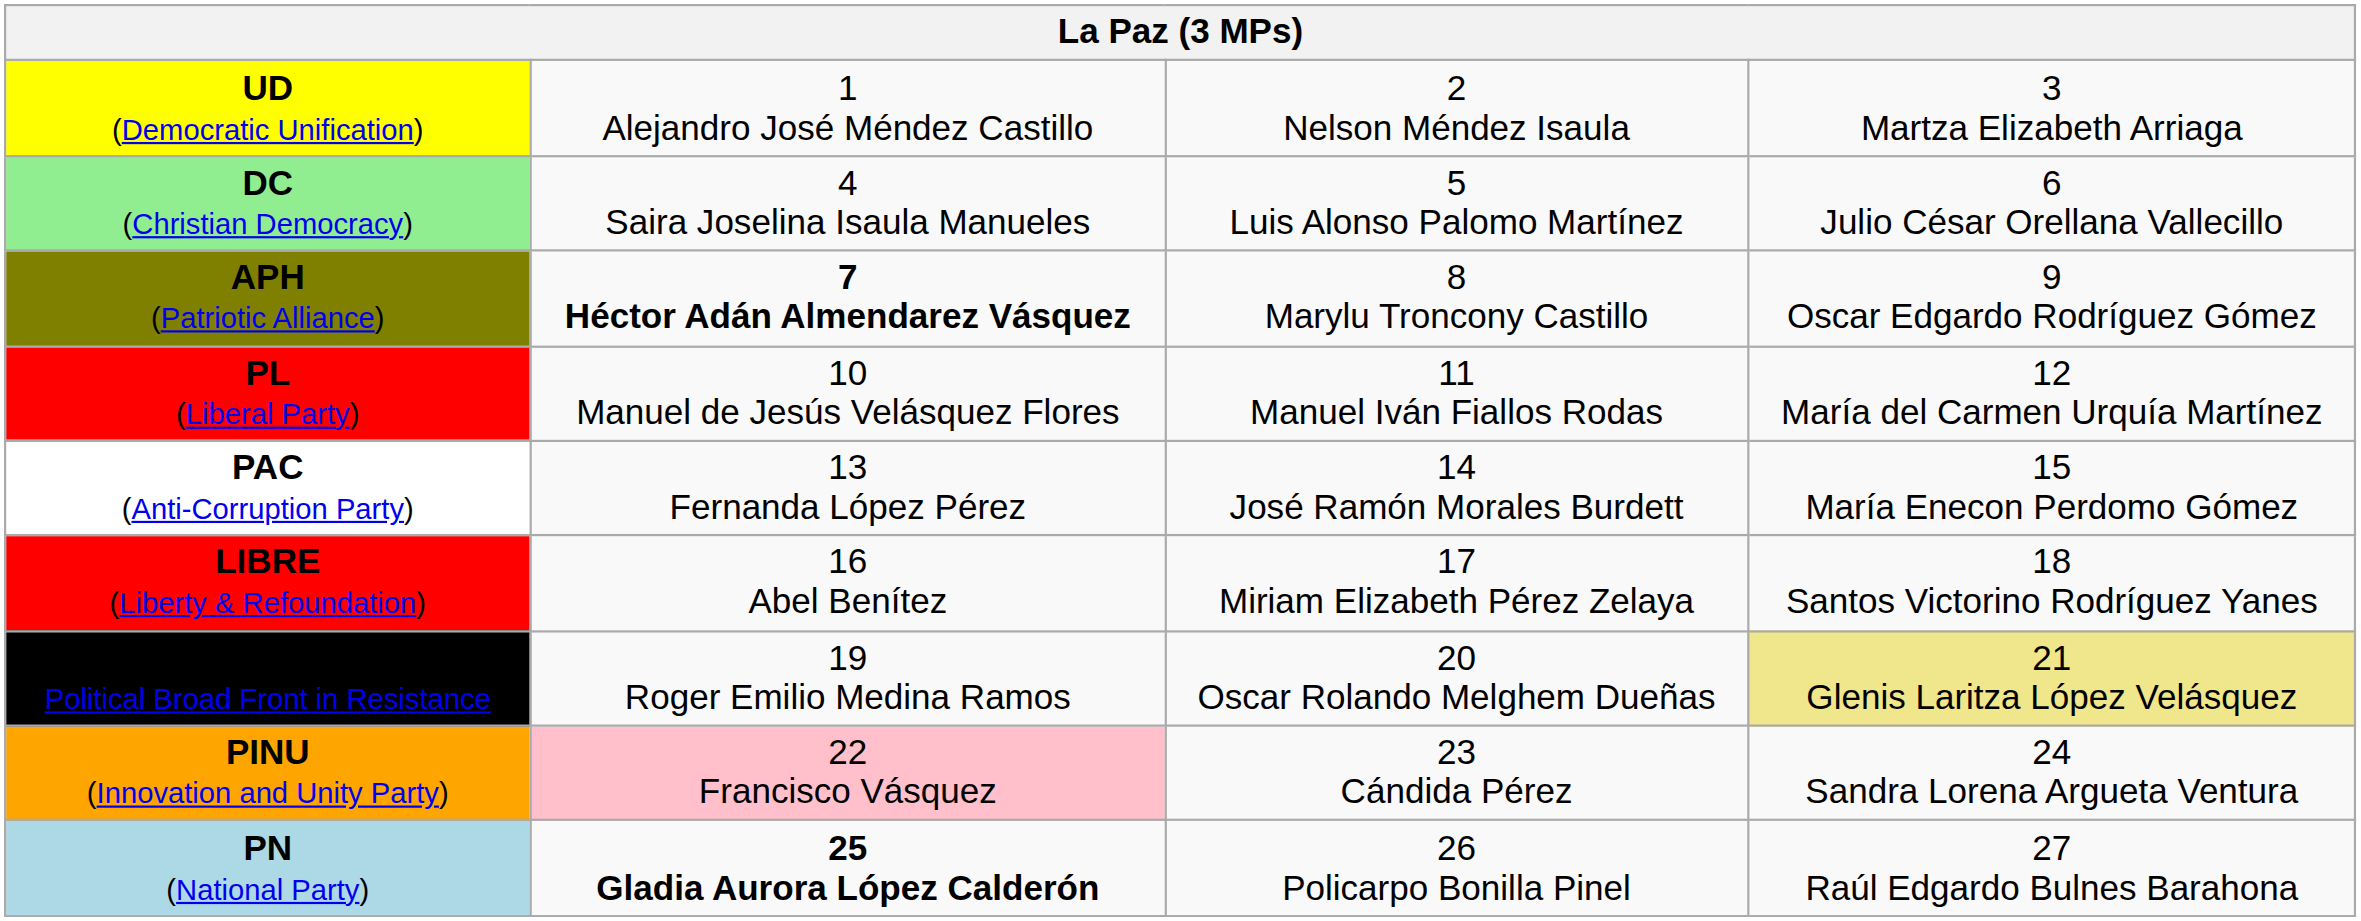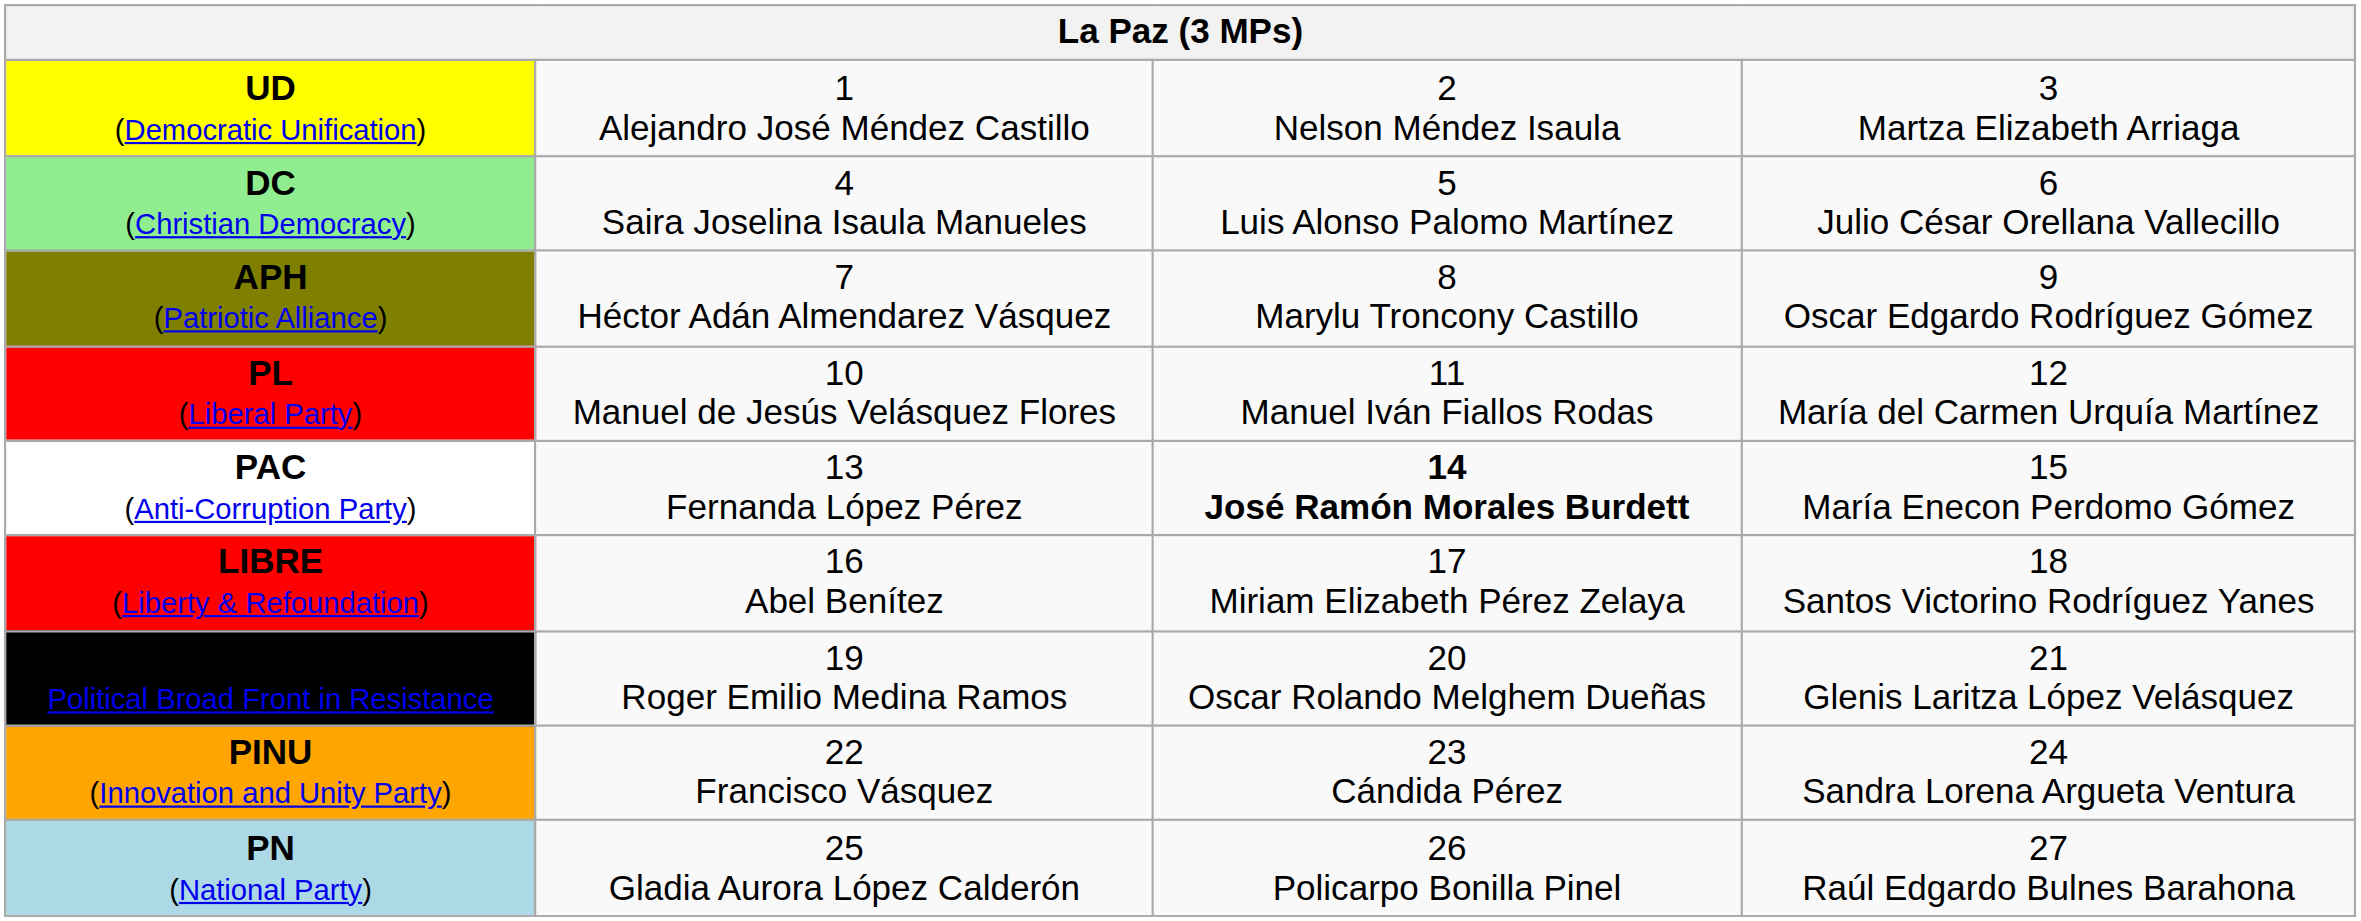 <table class="wikitable" align="center" style="width: 85%">
 <tr>
 <th colspan=24>La Paz (3 MPs)</th>
 </tr>
 <tr align="center">
 <td bgcolor="yellow" rowspan=1><span><span><strong>UD</strong></span></span><br><small>(<a href='#'>Democratic Unification</a>)</small></td>
 <td>1<br>Alejandro José Méndez Castillo</td>
 <td>2<br>Nelson Méndez Isaula</td>
 <td>3<br>Martza Elizabeth Arriaga</td>
 </tr>
 <tr align="center">
 <td bgcolor="lightgreen" rowspan=1><span><span><strong>DC</strong></span></span><br><small>(<a href='#'>Christian Democracy</a>)</small></td>
 <td>4<br>Saira Joselina Isaula Manueles</td>
 <td>5<br>Luis Alonso Palomo Martínez</td>
 <td>6<br>Julio César Orellana Vallecillo</td>
 </tr>
 <tr align="center">
 <td bgcolor="olive" rowspan=1><span><span><strong>APH</strong></span></span><br><small>(<a href='#'>Patriotic Alliance</a>)</small></td>
-<td><strong>7<br>Héctor Adán Almendarez Vásquez</strong></td>
+<td>7<br>Héctor Adán Almendarez Vásquez</td>
 <td>8<br>Marylu Troncony Castillo</td>
 <td>9<br>Oscar Edgardo Rodríguez Gómez</td>
 </tr>
 <tr align="center">
 <td bgcolor="red" rowspan=1><span><span><strong>PL</strong></span></span><br><small>(<a href='#'>Liberal Party</a>)</small></td>
 <td>10<br>Manuel de Jesús Velásquez Flores</td>
 <td>11<br>Manuel Iván Fiallos Rodas</td>
 <td>12<br>María del Carmen Urquía Martínez</td>
 </tr>
 <tr align="center">
 <td bgcolor="white" rowspan=1><span><span><strong>PAC</strong></span></span><br><small>(<a href='#'>Anti-Corruption Party</a>)</small></td>
 <td>13<br>Fernanda López Pérez</td>
-<td>14<br>José Ramón Morales Burdett</td>
+<td><strong>14<br>José Ramón Morales Burdett</strong></td>
 <td>15<br>María Enecon Perdomo Gómez</td>
 </tr>
 <tr align="center">
 <td bgcolor="red" rowspan=1><span><span><strong>LIBRE</strong></span></span><br><small>(<a href='#'>Liberty & Refoundation</a>)</small></td>
 <td>16<br>Abel Benítez</td>
 <td>17<br>Miriam Elizabeth Pérez Zelaya</td>
 <td>18<br>Santos Victorino Rodríguez Yanes</td>
 </tr>
 <tr align="center">
 <td bgcolor="black" rowspan=1><span><span><strong>FAPER</strong></span></span><br><small>(<a href='#'>Political Broad Front in Resistance</a>)</small></td>
 <td>19<br>Roger Emilio Medina Ramos</td>
 <td>20<br>Oscar Rolando Melghem Dueñas</td>
-<td style="background: khaki;">21<br>Glenis Laritza López Velásquez</td>
+<td>21<br>Glenis Laritza López Velásquez</td>
 </tr>
 <tr align="center">
 <td bgcolor="orange" rowspan=1><span><span><strong>PINU</strong></span></span><br><small>(<a href='#'>Innovation and Unity Party</a>)</small></td>
-<td style="background: pink;">22<br>Francisco Vásquez</td>
+<td>22<br>Francisco Vásquez</td>
 <td>23<br>Cándida Pérez</td>
 <td>24<br>Sandra Lorena Argueta Ventura</td>
 </tr>
 <tr align="center">
 <td bgcolor="lightblue" rowspan=1><span><span><strong>PN</strong></span></span><br><small>(<a href='#'>National Party</a>)</small></td>
-<td><strong>25<br>Gladia Aurora López Calderón</strong></td>
+<td>25<br>Gladia Aurora López Calderón</td>
 <td>26<br>Policarpo Bonilla Pinel</td>
 <td>27<br>Raúl Edgardo Bulnes Barahona</td>
 </tr>
 </table>
